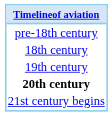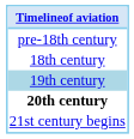 <table cellspacing=0 cellpadding=2 align=right style="border:solid 2px #87CEEB;margin-left:1em;margin-bottom:1em;">
 <tr>
 <th style="background:#d6e6f6;border-bottom:solid 2px #87CEEB;"><a href='#'><small>Timelineof aviation</small></a></th>
 </tr>
 <tr>
 <td align=center><a href='#'>pre-18th century</a></td>
 </tr>
 <tr>
 <td align=center><a href='#'>18th century</a></td>
 </tr>
 <tr>
-<td align=center><a href='#'>19th century</a></td>
+<td align=center style="background: lightblue;"><a href='#'>19th century</a></td>
 </tr>
 <tr>
 <td align=center><strong>20th century</strong></td>
 </tr>
 <tr>
 <td align=center><a href='#'>21st century begins</a></td>
 </tr>
 </table>
